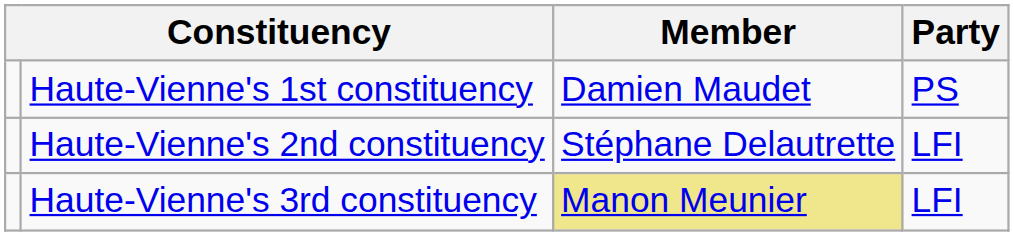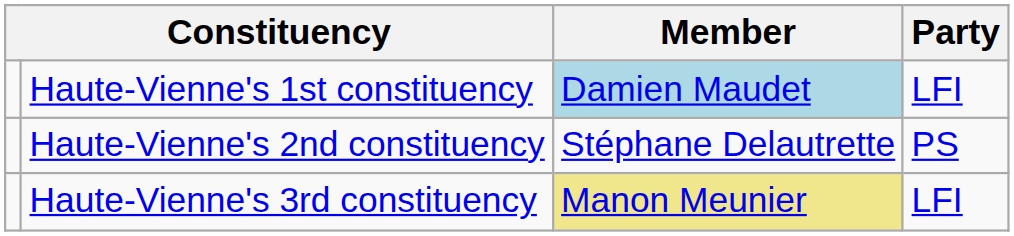 <table class="wikitable">
 <tr>
 <th colspan="2">Constituency</th>
 <th>Member</th>
 <th>Party</th>
 </tr>
 <tr>
 <td style="background:"></td>
 <td><a href='#'>Haute-Vienne's 1st constituency</a></td>
-<td><a href='#'>Damien Maudet</a></td>
-<td><a href='#'>PS</a></td>
+<td style="background: lightblue;"><a href='#'>Damien Maudet</a></td>
+<td><a href='#'>LFI</a></td>
 </tr>
 <tr>
 <td style="background: "></td>
 <td><a href='#'>Haute-Vienne's 2nd constituency</a></td>
 <td><a href='#'>Stéphane Delautrette</a></td>
-<td><a href='#'>LFI</a></td>
+<td><a href='#'>PS</a></td>
 </tr>
 <tr>
 <td style="background:"></td>
 <td><a href='#'>Haute-Vienne's 3rd constituency</a></td>
 <td style="background: khaki;"><a href='#'>Manon Meunier</a></td>
 <td><a href='#'>LFI</a></td>
 </tr>
 </table>
